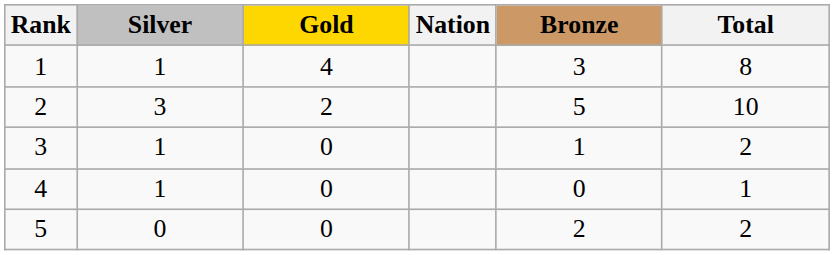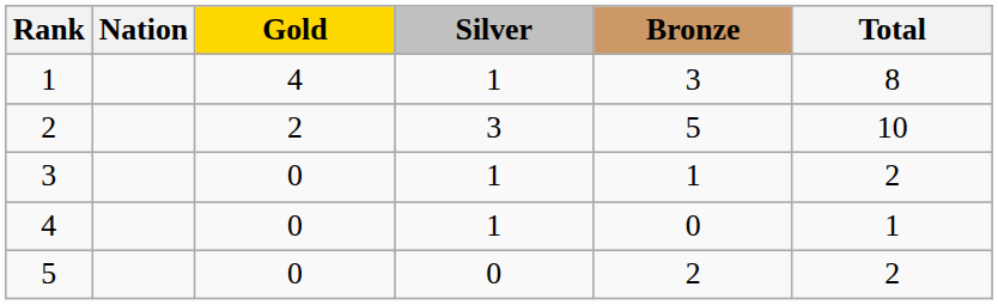 <table class="wikitable sortable plainrowheaders" style="text-align: center">
 <tr>
 <th scope="col">Rank</th>
+<th scope="col">Nation</th>
+<th scope="col" style="background-color:gold; width:6em;">Gold</th>
 <th scope="col" style="background-color:silver; width:6em;">Silver</th>
-<th scope="col" style="background-color:gold; width:6em;">Gold</th>
-<th scope="col">Nation</th>
 <th scope="col" style="background-color:#cc9966; width:6em;">Bronze</th>
 <th scope="col" style="width:6em;">Total</th>
 </tr>
 <tr>
 <td>1</td>
+<td style=text-align:left></td>
+<td>4</td>
 <td>1</td>
-<td>4</td>
-<td style=text-align:left></td>
 <td>3</td>
 <td>8</td>
 </tr>
 <tr>
 <td>2</td>
+<td style=text-align:left></td>
+<td>2</td>
 <td>3</td>
-<td>2</td>
-<td style=text-align:left></td>
 <td>5</td>
 <td>10</td>
 </tr>
 <tr>
 <td>3</td>
+<td style=text-align:left></td>
+<td>0</td>
 <td>1</td>
-<td>0</td>
-<td style=text-align:left></td>
 <td>1</td>
 <td>2</td>
 </tr>
 <tr>
 <td>4</td>
+<td style=text-align:left></td>
+<td>0</td>
 <td>1</td>
-<td>0</td>
-<td style=text-align:left></td>
 <td>0</td>
 <td>1</td>
 </tr>
 <tr>
 <td>5</td>
+<td style=text-align:left></td>
 <td>0</td>
 <td>0</td>
-<td style=text-align:left></td>
 <td>2</td>
 <td>2</td>
 </tr>
 </table>
